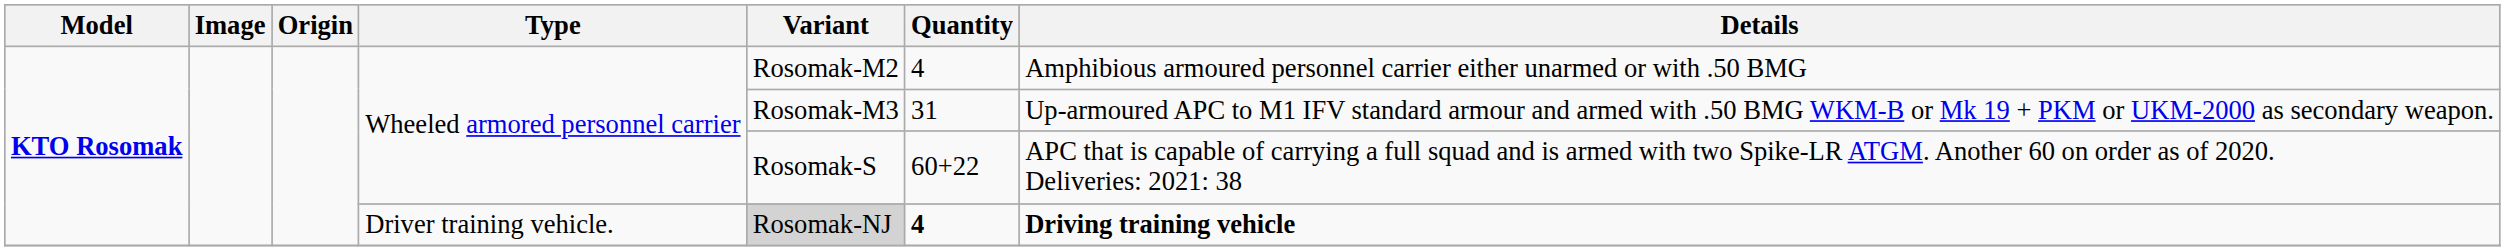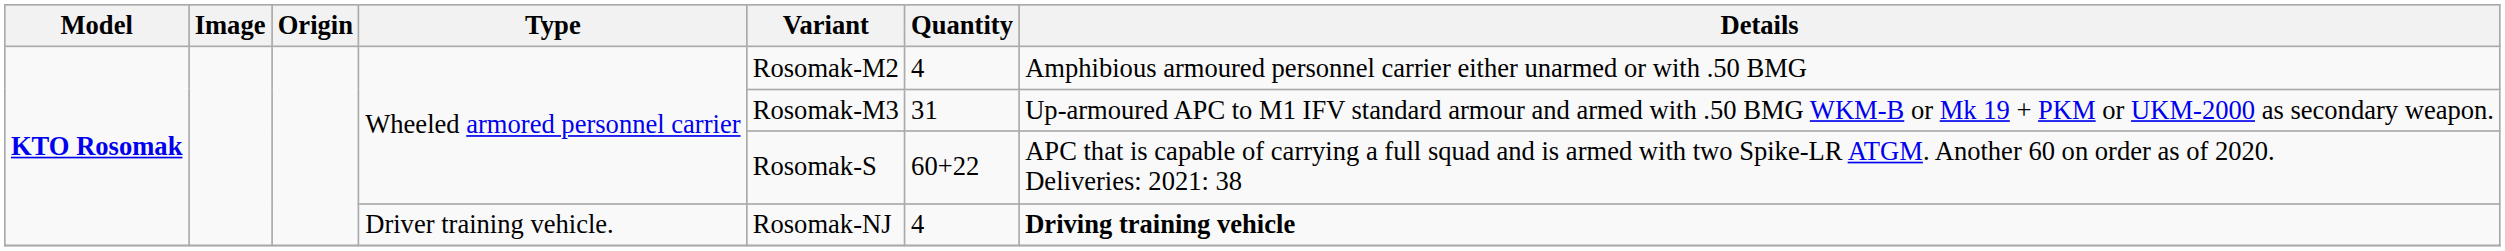 <table class="wikitable">
 <tr>
 <th>Model</th>
 <th>Image</th>
 <th>Origin</th>
 <th>Type</th>
 <th>Variant</th>
 <th>Quantity</th>
 <th>Details</th>
 </tr>
 <tr>
 <td rowspan="4"><strong><a href='#'>KTO Rosomak</a></strong></td>
 <td rowspan="4"> <br><br></td>
 <td rowspan="4"><small></small>                                                                        <small></small></td>
 <td rowspan="3">Wheeled <a href='#'>armored personnel carrier</a></td>
 <td>Rosomak-M2</td>
 <td>4</td>
 <td>Amphibious armoured personnel carrier either unarmed or with .50 BMG</td>
 </tr>
 <tr>
 <td>Rosomak-M3</td>
 <td>31</td>
 <td>Up-armoured APC to M1 IFV standard armour and armed with .50 BMG <a href='#'>WKM-B</a> or <a href='#'>Mk 19</a> + <a href='#'>PKM</a> or <a href='#'>UKM-2000</a> as secondary weapon.</td>
 </tr>
 <tr>
 <td>Rosomak-S</td>
 <td>60+22</td>
 <td>APC that is capable of carrying a full squad and is armed with two Spike-LR <a href='#'>ATGM</a>. Another 60 on order as of 2020.<br>Deliveries:  2021: 38 </td>
 </tr>
 <tr>
 <td>Driver training vehicle.</td>
-<td style="background: lightgrey;">Rosomak-NJ</td>
-<td><strong>4</strong></td>
+<td>Rosomak-NJ</td>
+<td>4</td>
 <td><strong>Driving training vehicle </strong></td>
 </tr>
 <tr>
 </tr>
 </table>
